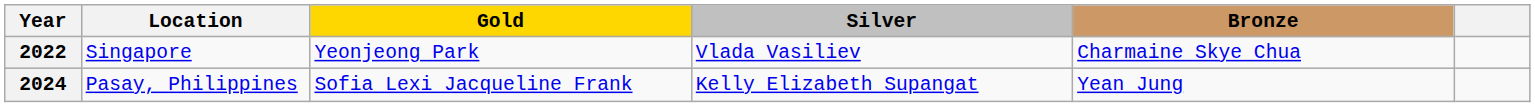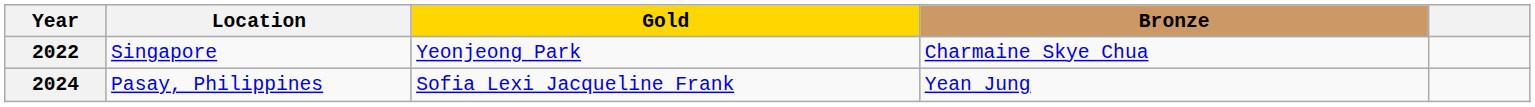 <table class="wikitable unsortable" style="text-align:left; width:80%;">
 <tr>
 <th scope="col" style="text-align:center; width:5%;">Year</th>
 <th scope="col" style="text-align:center; width:15%;">Location</th>
 <td scope="col" style="text-align:center; width:25%; background:gold"><strong>Gold</strong></td>
-<td scope="col" style="text-align:center; width:25%; background:silver"><strong>Silver</strong></td>
 <td scope="col" style="text-align:center; width:25%; background:#c96"><strong>Bronze</strong></td>
 <th scope="col" style="text-align:center; width:5%;"></th>
 </tr>
 <tr>
 <th scope="row">2022</th>
 <td><a href='#'>Singapore</a></td>
 <td> <a href='#'>Yeonjeong Park</a></td>
-<td> <a href='#'>Vlada Vasiliev</a></td>
 <td> <a href='#'>Charmaine Skye Chua</a></td>
 <td></td>
 </tr>
 <tr>
 <th scope="row">2024</th>
 <td><a href='#'>Pasay, Philippines</a></td>
 <td> <a href='#'>Sofia Lexi Jacqueline Frank</a></td>
-<td> <a href='#'>Kelly Elizabeth Supangat</a></td>
 <td> <a href='#'>Yean Jung</a></td>
 <td></td>
 </tr>
 </table>
